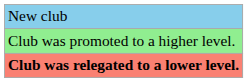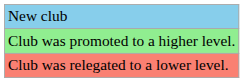 <table class="wikitable">
 <tr>
 <td style="background:skyblue">New club</td>
 </tr>
 <tr>
 <td style="background:lightgreen">Club was promoted to a higher level.</td>
 </tr>
 <tr>
-<td style="background:salmon"><strong>Club was relegated to a lower level.</strong></td>
+<td style="background:salmon">Club was relegated to a lower level.</td>
 </tr>
 </table>
